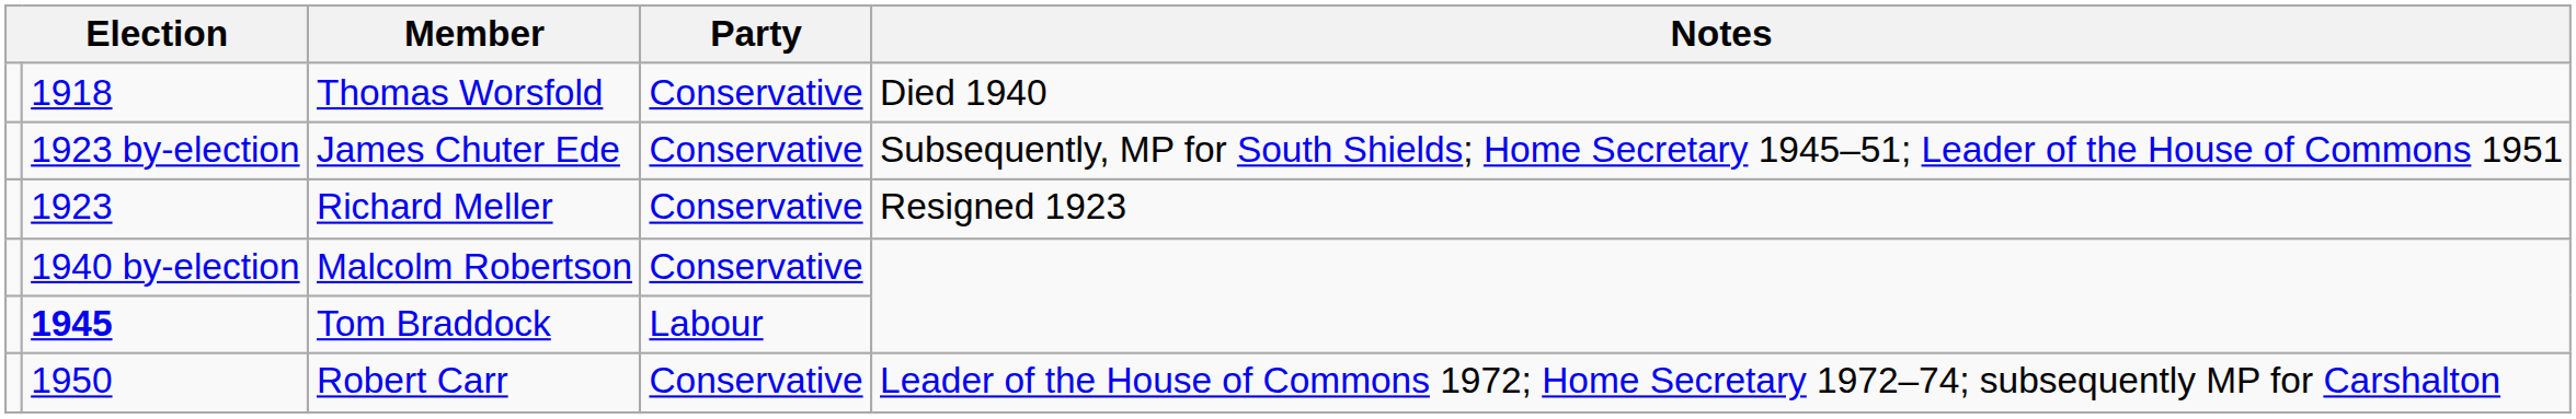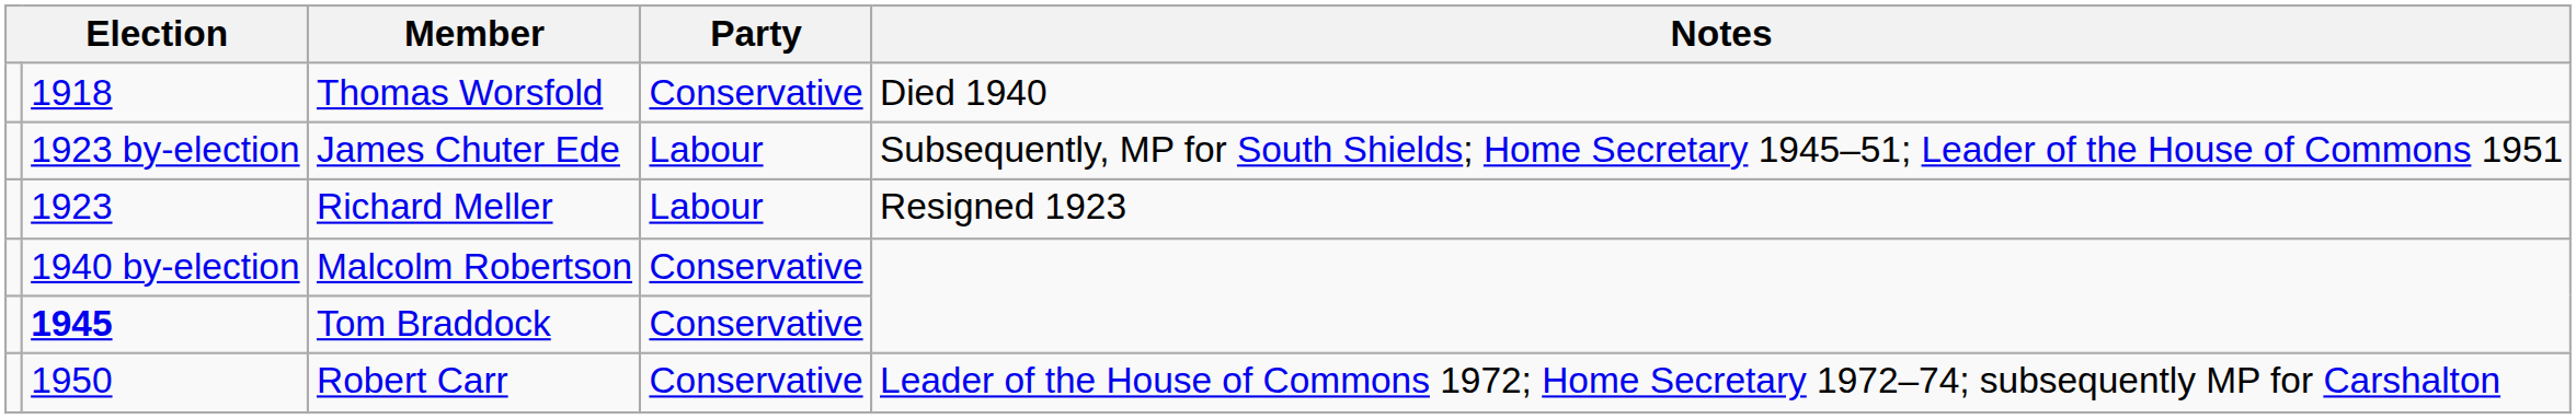 <table class="wikitable">
 <tr>
 <th colspan="2">Election</th>
 <th>Member</th>
 <th>Party</th>
 <th>Notes</th>
 </tr>
 <tr>
 <td style="color:inherit;background-color: "></td>
 <td><a href='#'>1918</a></td>
 <td><a href='#'>Thomas Worsfold</a></td>
 <td><a href='#'>Conservative</a></td>
 <td>Died 1940</td>
 </tr>
 <tr>
 <td style="color:inherit;background-color: "></td>
 <td><a href='#'>1923 by-election</a></td>
 <td><a href='#'>James Chuter Ede</a></td>
-<td><a href='#'>Conservative</a></td>
+<td><a href='#'>Labour</a></td>
 <td>Subsequently, MP for <a href='#'>South Shields</a>; <a href='#'>Home Secretary</a> 1945–51; <a href='#'>Leader of the House of Commons</a> 1951</td>
 </tr>
 <tr>
 <td style="color:inherit;background-color: "></td>
 <td><a href='#'>1923</a></td>
 <td><a href='#'>Richard Meller</a></td>
-<td><a href='#'>Conservative</a></td>
+<td><a href='#'>Labour</a></td>
 <td>Resigned 1923</td>
 </tr>
 <tr>
 <td style="color:inherit;background-color: "></td>
 <td><a href='#'>1940 by-election</a></td>
 <td><a href='#'>Malcolm Robertson</a></td>
 <td><a href='#'>Conservative</a></td>
 </tr>
 <tr>
 <td style="color:inherit;background-color: "></td>
 <td><strong><a href='#'>1945</a></strong></td>
 <td><a href='#'>Tom Braddock</a></td>
-<td><a href='#'>Labour</a></td>
+<td><a href='#'>Conservative</a></td>
 </tr>
 <tr>
 <td style="color:inherit;background-color: "></td>
 <td><a href='#'>1950</a></td>
 <td><a href='#'>Robert Carr</a></td>
 <td><a href='#'>Conservative</a></td>
 <td><a href='#'>Leader of the House of Commons</a> 1972; <a href='#'>Home Secretary</a> 1972–74; subsequently MP for <a href='#'>Carshalton</a></td>
 </tr>
 </table>
